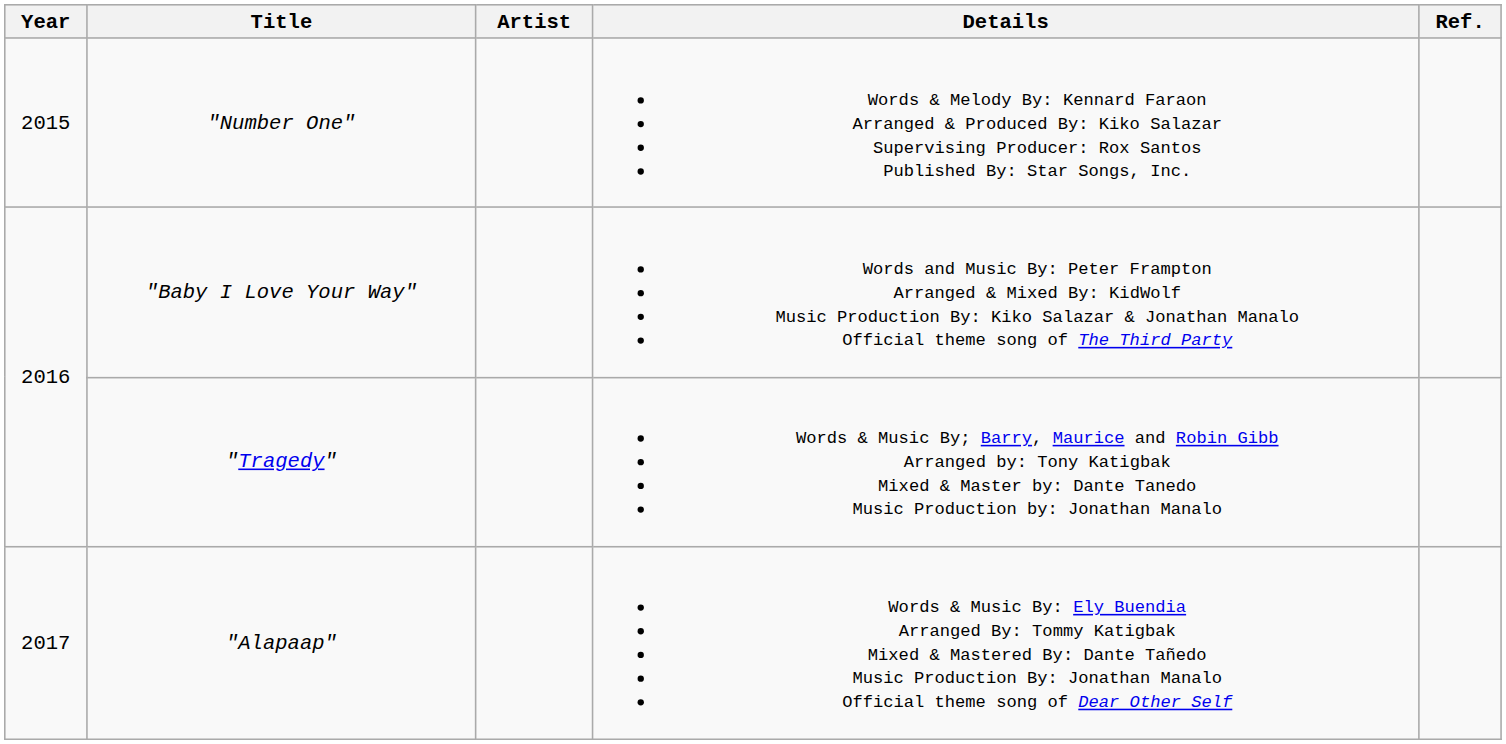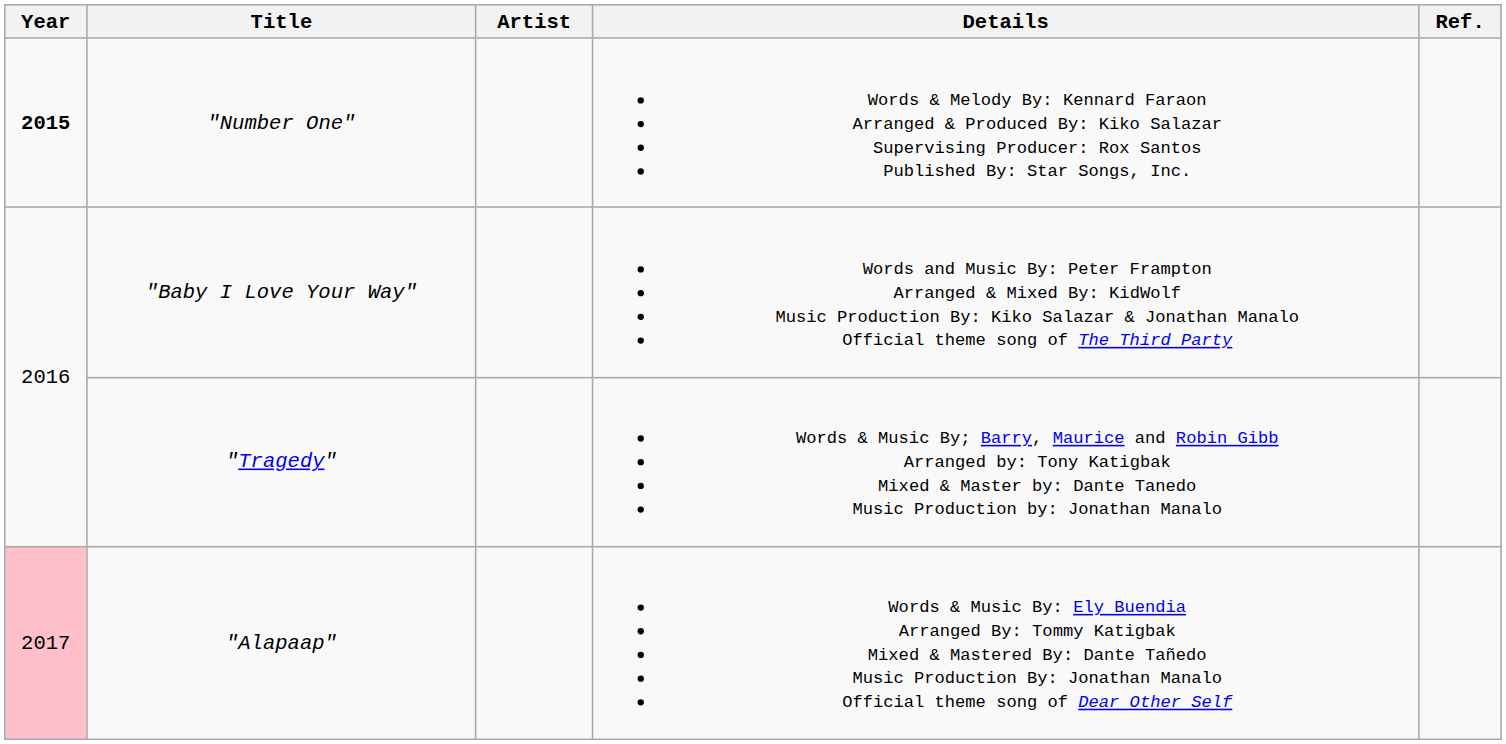 <table class="wikitable sortable" style="text-align:center" width=75%>
 <tr>
 <th>Year</th>
 <th>Title</th>
 <th>Artist</th>
 <th>Details</th>
 <th>Ref.</th>
 </tr>
 <tr>
-<td>2015</td>
+<td><strong>2015</strong></td>
 <td><em>"Number One"</em></td>
 <td></td>
 <td><br><ul><li><small>Words & Melody By: Kennard Faraon</small></li><li><small>Arranged & Produced By: Kiko Salazar</small></li><li><small>Supervising Producer: Rox Santos</small></li><li><small>Published By: Star Songs, Inc.</small></li></ul></td>
 <td></td>
 </tr>
 <tr>
 <td rowspan="2">2016</td>
 <td><em>"Baby I Love Your Way"</em></td>
 <td></td>
 <td><br><ul><li><small>Words and Music By: Peter Frampton</small></li><li><small>Arranged & Mixed By: KidWolf</small></li><li><small>Music Production By: Kiko Salazar & Jonathan Manalo</small></li><li><small>Official theme song of <em><a href='#'>The Third Party</a></em></small></li></ul></td>
 <td></td>
 </tr>
 <tr>
 <td><em>"<a href='#'>Tragedy</a>"</em></td>
 <td></td>
 <td><br><ul><li><small>Words & Music By; <a href='#'>Barry</a>, <a href='#'>Maurice</a> and <a href='#'>Robin Gibb</a></small></li><li><small>Arranged by: Tony Katigbak</small></li><li><small>Mixed & Master by: Dante Tanedo</small></li><li><small>Music Production by: Jonathan Manalo</small></li></ul></td>
 </tr>
 <tr>
-<td>2017</td>
+<td style="background: pink;">2017</td>
 <td><em>"Alapaap"</em></td>
 <td></td>
 <td><br><ul><li><small>Words & Music By: <a href='#'>Ely Buendia</a></small></li><li><small>Arranged By: Tommy Katigbak</small></li><li><small>Mixed & Mastered By: Dante Tañedo</small></li><li><small>Music Production By: Jonathan Manalo</small></li><li><small>Official theme song of <em><a href='#'>Dear Other Self</a></em></small></li></ul></td>
 <td></td>
 </tr>
 <tr>
 </tr>
 </table>
